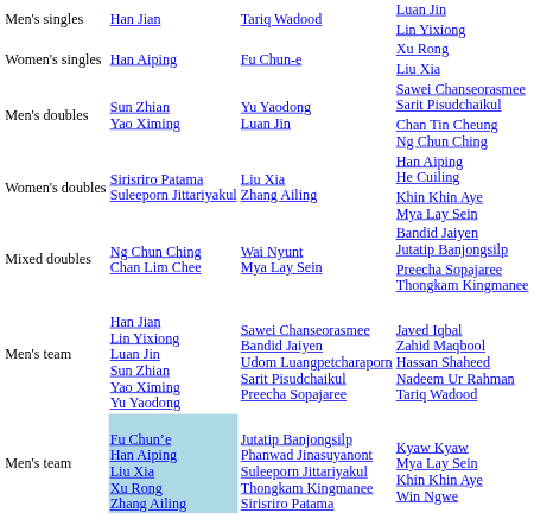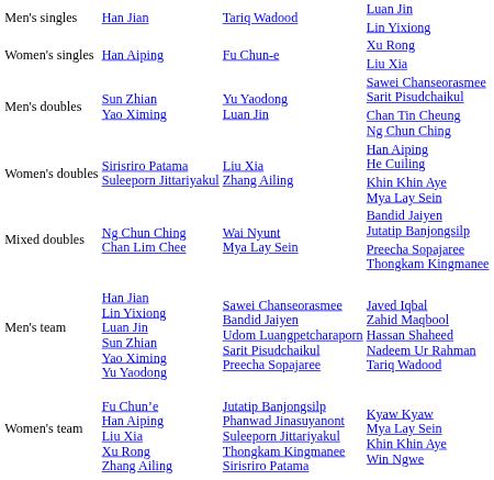 <table>
 <tr>
 <td rowspan="2">Men's singles</td>
 <td rowspan="2"> <a href='#'>Han Jian</a></td>
 <td rowspan="2"> <a href='#'>Tariq Wadood</a></td>
 <td> <a href='#'>Luan Jin</a></td>
 </tr>
 <tr>
 <td> <a href='#'>Lin Yixiong</a></td>
 </tr>
 <tr>
 <td rowspan="2">Women's singles</td>
 <td rowspan="2"> <a href='#'>Han Aiping</a></td>
 <td rowspan="2"> <a href='#'>Fu Chun-e</a></td>
 <td> <a href='#'>Xu Rong</a></td>
 </tr>
 <tr>
 <td> <a href='#'>Liu Xia</a></td>
 </tr>
 <tr>
 <td rowspan="2">Men's doubles</td>
 <td rowspan="2"> <a href='#'>Sun Zhian</a> <br>  <a href='#'>Yao Ximing</a></td>
 <td rowspan="2"> <a href='#'>Yu Yaodong</a><br> <a href='#'>Luan Jin</a></td>
 <td> <a href='#'>Sawei Chanseorasmee</a> <br> <a href='#'>Sarit Pisudchaikul</a></td>
 </tr>
 <tr>
 <td> <a href='#'>Chan Tin Cheung</a> <br>  <a href='#'>Ng Chun Ching</a></td>
 </tr>
 <tr>
 <td rowspan="2">Women's doubles</td>
 <td rowspan="2"> <a href='#'>Sirisriro Patama</a> <br> <a href='#'>Suleeporn Jittariyakul</a></td>
 <td rowspan="2"> <a href='#'>Liu Xia</a> <br>  <a href='#'>Zhang Ailing</a></td>
 <td> <a href='#'>Han Aiping</a> <br>  <a href='#'>He Cuiling</a></td>
 </tr>
 <tr>
 <td> <a href='#'>Khin Khin Aye</a> <br>  <a href='#'>Mya Lay Sein</a></td>
 </tr>
 <tr>
 <td rowspan="2">Mixed doubles</td>
 <td rowspan="2"> <a href='#'>Ng Chun Ching</a> <br>  <a href='#'>Chan Lim Chee</a></td>
 <td rowspan="2"> <a href='#'>Wai Nyunt</a> <br>  <a href='#'>Mya Lay Sein</a></td>
 <td> <a href='#'>Bandid Jaiyen</a> <br>  <a href='#'>Jutatip Banjongsilp</a></td>
 </tr>
 <tr>
 <td> <a href='#'>Preecha Sopajaree</a> <br>  <a href='#'>Thongkam Kingmanee</a></td>
 </tr>
 <tr>
 <td>Men's team<br></td>
 <td><br><a href='#'>Han Jian</a><br><a href='#'>Lin Yixiong</a><br><a href='#'>Luan Jin</a><br><a href='#'>Sun Zhian</a><br><a href='#'>Yao Ximing</a><br><a href='#'>Yu Yaodong</a></td>
 <td><br><a href='#'>Sawei Chanseorasmee</a><br><a href='#'>Bandid Jaiyen</a><br><a href='#'>Udom Luangpetcharaporn</a><br><a href='#'>Sarit Pisudchaikul</a><br><a href='#'>Preecha Sopajaree</a></td>
 <td><br><a href='#'>Javed Iqbal</a><br><a href='#'>Zahid Maqbool</a><br><a href='#'>Hassan Shaheed</a><br><a href='#'>Nadeem Ur Rahman</a><br><a href='#'>Tariq Wadood</a></td>
 </tr>
 <tr>
-<td>Men's team<br></td>
-<td style="background: lightblue;"><br><a href='#'>Fu Chun’e</a><br><a href='#'>Han Aiping</a><br><a href='#'>Liu Xia</a><br><a href='#'>Xu Rong</a><br><a href='#'>Zhang Ailing</a></td>
+<td>Women's team<br></td>
+<td><br><a href='#'>Fu Chun’e</a><br><a href='#'>Han Aiping</a><br><a href='#'>Liu Xia</a><br><a href='#'>Xu Rong</a><br><a href='#'>Zhang Ailing</a></td>
 <td><br><a href='#'>Jutatip Banjongsilp</a><br><a href='#'>Phanwad Jinasuyanont</a><br><a href='#'>Suleeporn Jittariyakul</a><br><a href='#'>Thongkam Kingmanee</a><br><a href='#'>Sirisriro Patama</a></td>
 <td><br><a href='#'>Kyaw Kyaw</a><br><a href='#'>Mya Lay Sein</a><br><a href='#'>Khin Khin Aye</a><br><a href='#'>Win Ngwe</a></td>
 </tr>
 </table>
